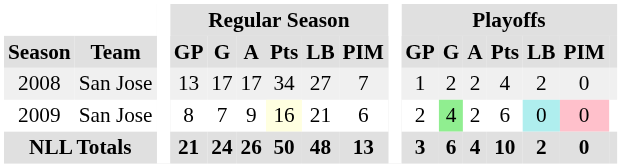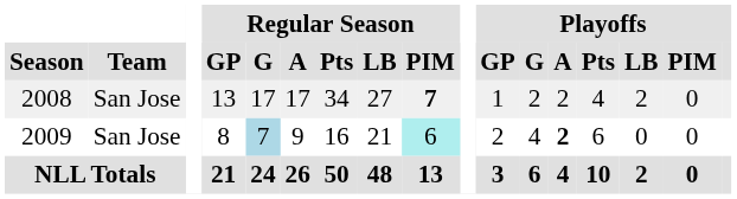 <table BORDER="0" CELLPADDING="3" CELLSPACING="0">
 <tr ALIGN="center" bgcolor="#e0e0e0">
 <th colspan="2" bgcolor="#ffffff"> </th>
 <th rowspan="99" bgcolor="#ffffff"> </th>
 <th colspan="6">Regular Season</th>
 <th rowspan="99" bgcolor="#ffffff"> </th>
 <th colspan="7">Playoffs</th>
 </tr>
 <tr ALIGN="center" bgcolor="#e0e0e0">
 <th>Season</th>
 <th>Team</th>
 <th>GP</th>
 <th>G</th>
 <th>A</th>
 <th>Pts</th>
 <th>LB</th>
 <th>PIM</th>
 <th>GP</th>
 <th>G</th>
 <th>A</th>
 <th>Pts</th>
 <th>LB</th>
 <th>PIM</th>
 <th></th>
 </tr>
 <tr ALIGN="center" bgcolor="#f0f0f0">
 <td>2008</td>
 <td>San Jose</td>
 <td>13</td>
 <td>17</td>
 <td>17</td>
 <td>34</td>
 <td>27</td>
-<td>7</td>
+<td><strong>7</strong></td>
 <td>1</td>
 <td>2</td>
 <td>2</td>
 <td>4</td>
 <td>2</td>
 <td>0</td>
 <td></td>
 </tr>
 <tr ALIGN="center">
 <td>2009</td>
 <td>San Jose</td>
 <td>8</td>
-<td>7</td>
+<td style="background: lightblue;">7</td>
 <td>9</td>
-<td style="background: lightyellow;">16</td>
+<td>16</td>
 <td>21</td>
+<td style="background: paleturquoise;">6</td>
+<td>2</td>
+<td>4</td>
+<td><strong>2</strong></td>
 <td>6</td>
-<td>2</td>
-<td style="background: lightgreen;">4</td>
-<td>2</td>
-<td>6</td>
-<td style="background: paleturquoise;">0</td>
-<td style="background: pink;">0</td>
+<td>0</td>
+<td>0</td>
 <td></td>
 </tr>
 <tr ALIGN="center" bgcolor="#e0e0e0">
 <th colspan="2">NLL Totals</th>
 <th>21</th>
 <th>24</th>
 <th>26</th>
 <th>50</th>
 <th>48</th>
 <th>13</th>
 <th>3</th>
 <th>6</th>
 <th>4</th>
 <th>10</th>
 <th>2</th>
 <th>0</th>
 <th></th>
 </tr>
 </table>
